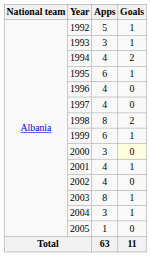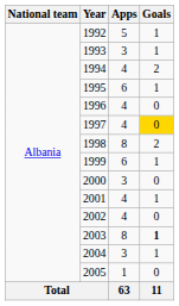 <table class="wikitable" style="text-align:center">
 <tr>
 <th>National team</th>
 <th>Year</th>
 <th>Apps</th>
 <th>Goals</th>
 </tr>
 <tr>
 <td rowspan="14"><a href='#'>Albania</a></td>
 <td>1992</td>
 <td>5</td>
 <td>1</td>
 </tr>
 <tr>
 <td>1993</td>
 <td>3</td>
 <td>1</td>
 </tr>
 <tr>
 <td>1994</td>
 <td>4</td>
 <td>2</td>
 </tr>
 <tr>
 <td>1995</td>
 <td>6</td>
 <td>1</td>
 </tr>
 <tr>
 <td>1996</td>
 <td>4</td>
 <td>0</td>
 </tr>
 <tr>
 <td>1997</td>
 <td>4</td>
-<td>0</td>
+<td style="background: gold;">0</td>
 </tr>
 <tr>
 <td>1998</td>
 <td>8</td>
 <td>2</td>
 </tr>
 <tr>
 <td>1999</td>
 <td>6</td>
 <td>1</td>
 </tr>
 <tr>
 <td>2000</td>
 <td>3</td>
-<td style="background: lightyellow;">0</td>
+<td>0</td>
 </tr>
 <tr>
 <td>2001</td>
 <td>4</td>
 <td>1</td>
 </tr>
 <tr>
 <td>2002</td>
 <td>4</td>
 <td>0</td>
 </tr>
 <tr>
 <td>2003</td>
 <td>8</td>
-<td>1</td>
+<td><strong>1</strong></td>
 </tr>
 <tr>
 <td>2004</td>
 <td>3</td>
 <td>1</td>
 </tr>
 <tr>
 <td>2005</td>
 <td>1</td>
 <td>0</td>
 </tr>
 <tr>
 <th colspan="2">Total</th>
 <th>63</th>
 <th>11</th>
 </tr>
 </table>
